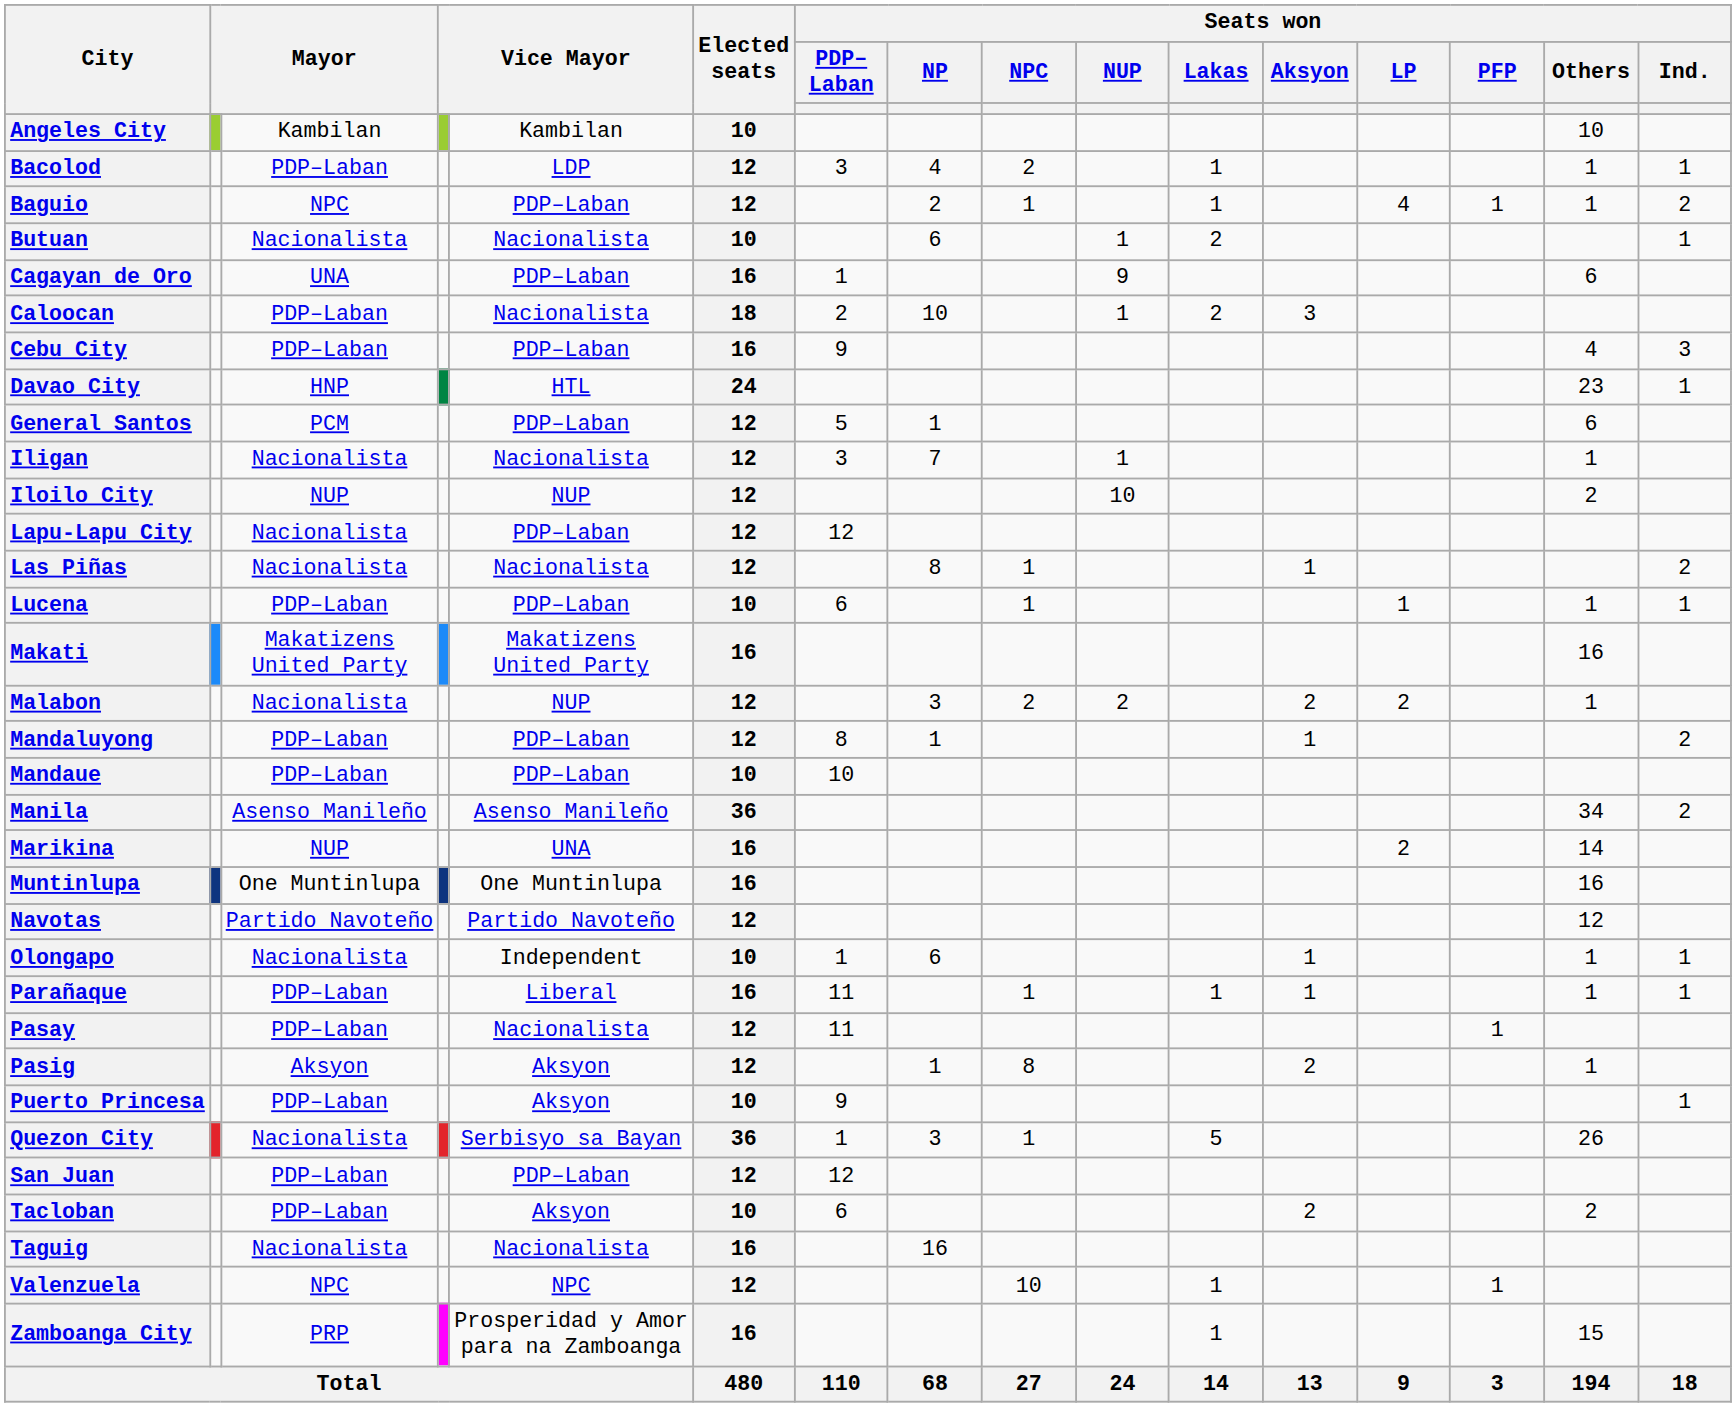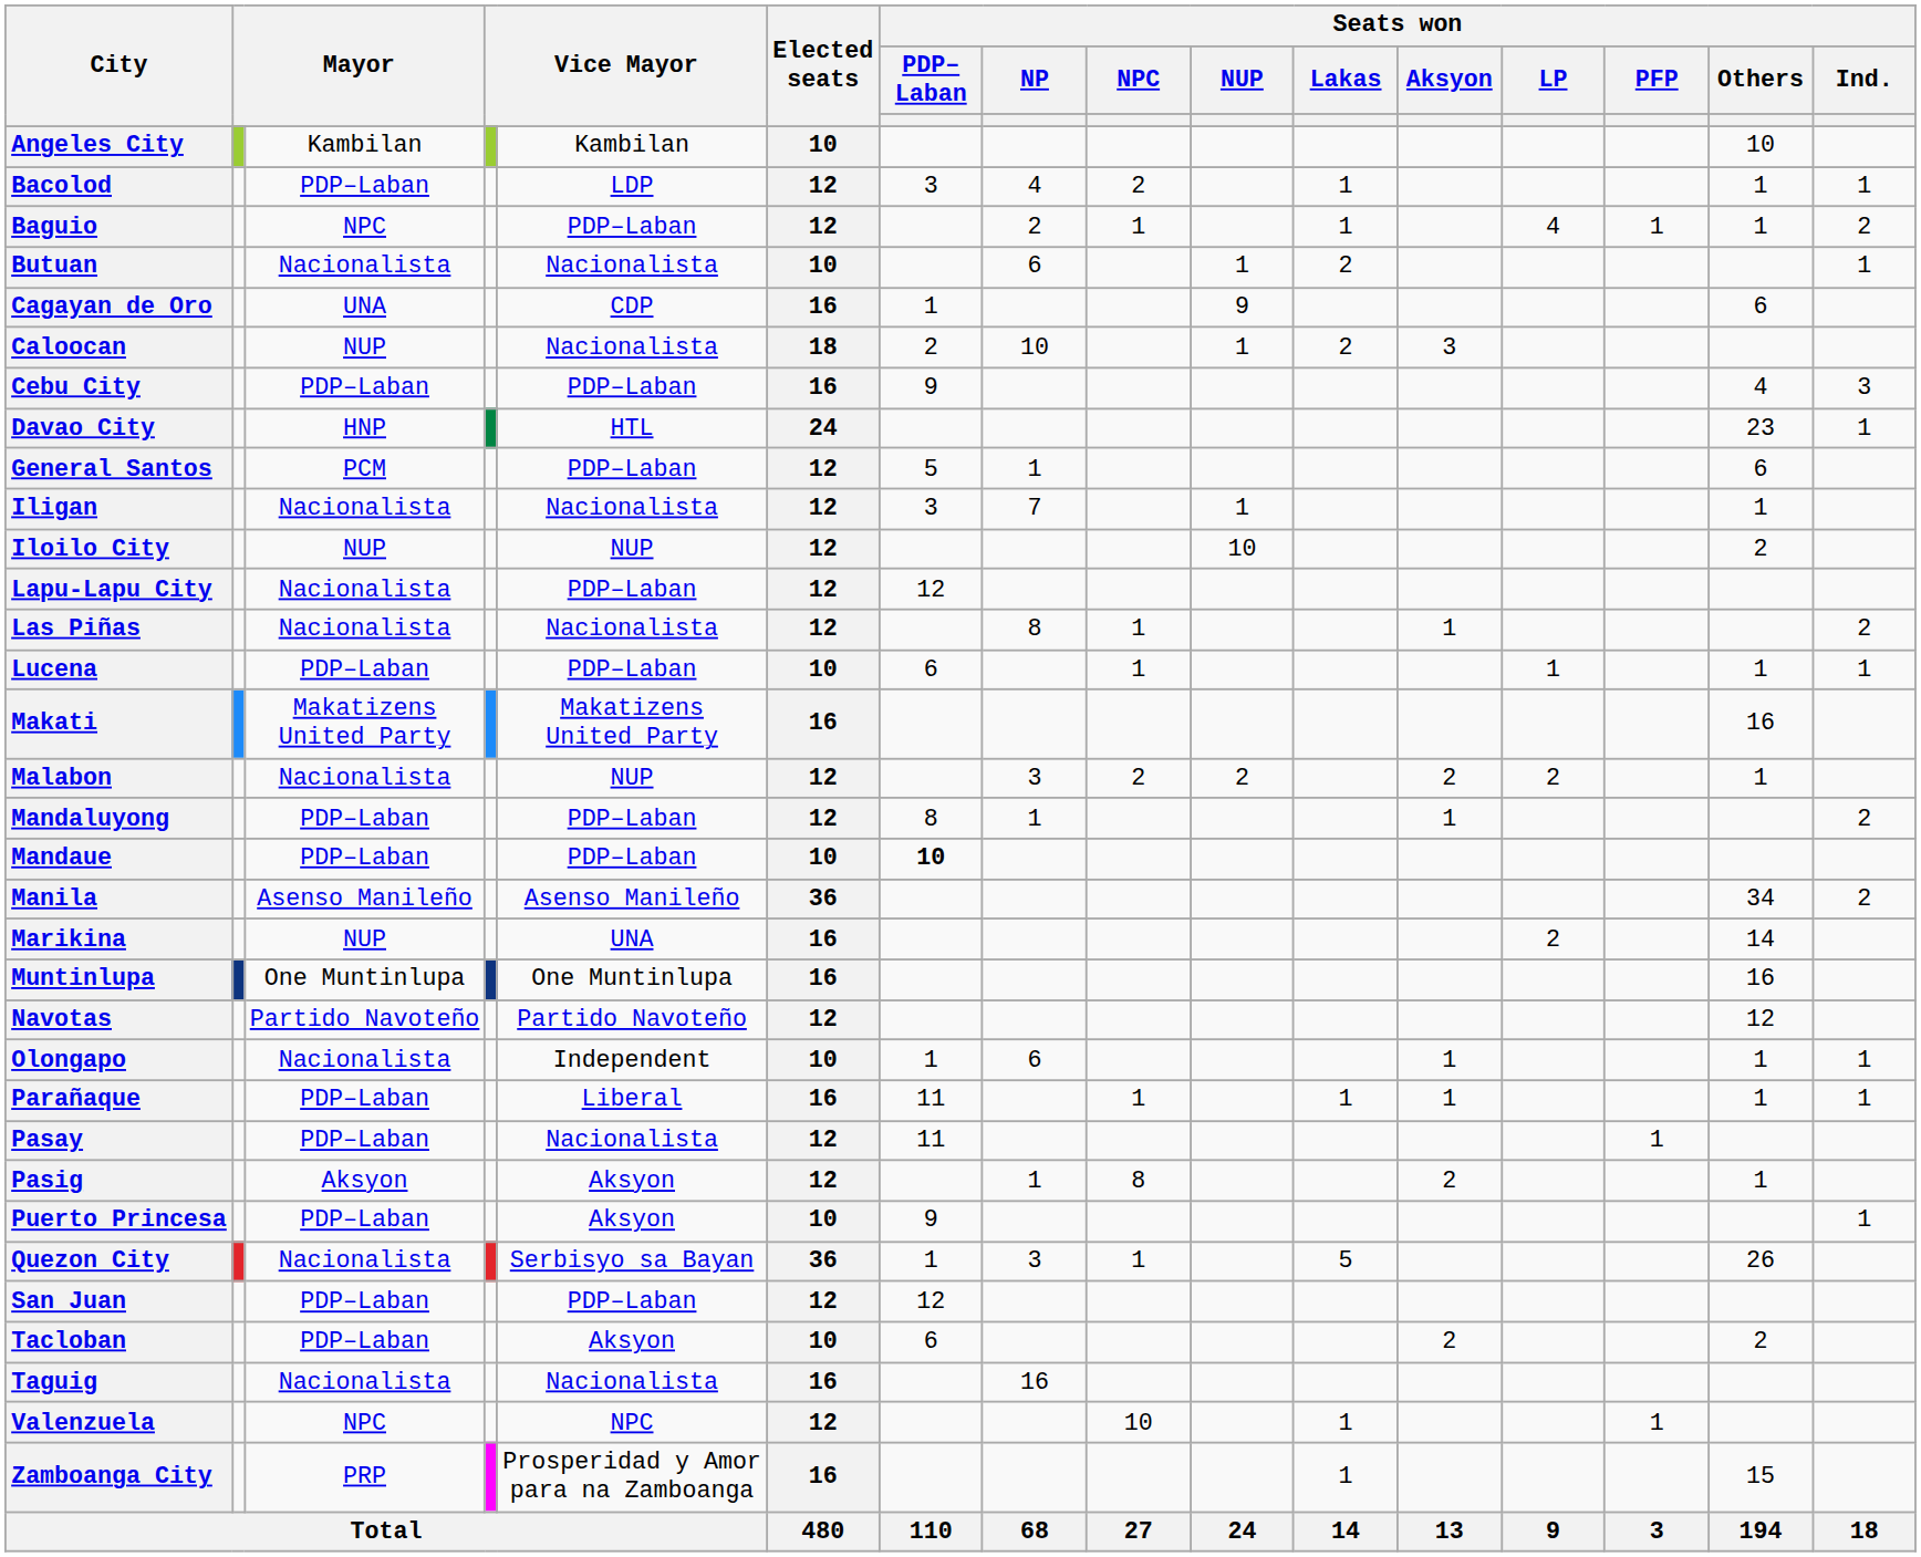 <table class="wikitable" style="text-align:center; font-size: 0.9em;">
 <tr>
 <th rowspan="3">City</th>
 <th colspan="2" rowspan="3" style="width:60px;">Mayor</th>
 <th colspan="2" rowspan="3" style="width:60px;">Vice Mayor</th>
 <th rowspan="3">Elected<br>seats</th>
 <th colspan="10">Seats won</th>
 </tr>
 <tr>
 <th class="unsortable" style="width:45px;"><a href='#'>PDP–Laban</a></th>
 <th class="unsortable" style="width:45px;"><a href='#'>NP</a></th>
 <th class="unsortable" style="width:45px;"><a href='#'>NPC</a></th>
 <th class="unsortable" style="width:45px;"><a href='#'>NUP</a></th>
 <th class="unsortable" style="width:45px;"><a href='#'>Lakas</a></th>
 <th class="unsortable" style="width:45px;"><a href='#'>Aksyon</a></th>
 <th class="unsortable" style="width:45px;"><a href='#'>LP</a></th>
 <th class="unsortable" style="width:45px;"><a href='#'>PFP</a></th>
 <th class="unsortable" style="width:45px;">Others</th>
 <th class="unsortable" style="width:45px;">Ind.</th>
 </tr>
 <tr>
 <th style="color:inherit;background:"></th>
 <th style="color:inherit;background:"></th>
 <th style="color:inherit;background:"></th>
 <th style="color:inherit;background:"></th>
 <th style="color:inherit;background:"></th>
 <th style="color:inherit;background:"></th>
 <th style="color:inherit;background:"></th>
 <th style="color:inherit;background:"></th>
 <th></th>
 <th style="color:inherit;background:"></th>
 </tr>
 <tr>
 <th style="text-align: left;"><a href='#'>Angeles City</a></th>
 <td bgcolor="yellowgreen"></td>
 <td>Kambilan</td>
 <td bgcolor="yellowgreen"></td>
 <td>Kambilan</td>
 <th>10</th>
 <td></td>
 <td></td>
 <td></td>
 <td></td>
 <td></td>
 <td></td>
 <td></td>
 <td></td>
 <td>10<em></em></td>
 <td></td>
 </tr>
 <tr>
 <th style="text-align: left;"><a href='#'>Bacolod</a></th>
 <td style="color:inherit;background:"></td>
 <td><a href='#'>PDP–Laban</a></td>
 <td style="color:inherit;background:"></td>
 <td><a href='#'>LDP</a></td>
 <th>12</th>
 <td>3</td>
 <td>4</td>
 <td>2</td>
 <td></td>
 <td>1</td>
 <td></td>
 <td></td>
 <td></td>
 <td>1<em></em></td>
 <td>1</td>
 </tr>
 <tr>
 <th style="text-align: left;"><a href='#'>Baguio</a></th>
 <td style="color:inherit;background:"></td>
 <td><a href='#'>NPC</a></td>
 <td style="color:inherit;background:"></td>
 <td><a href='#'>PDP–Laban</a></td>
 <th>12</th>
 <td></td>
 <td>2</td>
 <td>1</td>
 <td></td>
 <td>1</td>
 <td></td>
 <td>4</td>
 <td>1</td>
 <td>1<em></em></td>
 <td>2</td>
 </tr>
 <tr>
 <th style="text-align: left;"><a href='#'>Butuan</a></th>
 <td style="color:inherit;background:"></td>
 <td><a href='#'>Nacionalista</a></td>
 <td style="color:inherit;background:"></td>
 <td><a href='#'>Nacionalista</a></td>
 <th>10</th>
 <td></td>
 <td>6</td>
 <td></td>
 <td>1</td>
 <td>2</td>
 <td></td>
 <td></td>
 <td></td>
 <td></td>
 <td>1</td>
 </tr>
 <tr>
 <th style="text-align: left;"><a href='#'>Cagayan de Oro</a></th>
 <td style="color:inherit;background:"></td>
 <td><a href='#'>UNA</a></td>
 <td style="color:inherit;background:"></td>
-<td><a href='#'>PDP–Laban</a></td>
+<td><a href='#'>CDP</a></td>
 <th>16</th>
 <td>1</td>
 <td></td>
 <td></td>
 <td>9</td>
 <td></td>
 <td></td>
 <td></td>
 <td></td>
 <td>6<em></em></td>
 <td></td>
 </tr>
 <tr>
 <th style="text-align: left;"><a href='#'>Caloocan</a></th>
 <td style="color:inherit;background:"></td>
-<td><a href='#'>PDP–Laban</a></td>
+<td><a href='#'>NUP</a></td>
 <td style="color:inherit;background:"></td>
 <td><a href='#'>Nacionalista</a></td>
 <th>18</th>
 <td>2</td>
 <td>10</td>
 <td></td>
 <td>1</td>
 <td>2</td>
 <td>3</td>
 <td></td>
 <td></td>
 <td></td>
 <td></td>
 </tr>
 <tr>
 <th style="text-align: left;"><a href='#'>Cebu City</a></th>
 <td style="color:inherit;background:"></td>
 <td><a href='#'>PDP–Laban</a></td>
 <td style="color:inherit;background:"></td>
 <td><a href='#'>PDP–Laban</a></td>
 <th>16</th>
 <td>9</td>
 <td></td>
 <td></td>
 <td></td>
 <td></td>
 <td></td>
 <td></td>
 <td></td>
 <td>4<em></em></td>
 <td>3</td>
 </tr>
 <tr>
 <th style="text-align: left;"><a href='#'>Davao City</a></th>
 <td style="color:inherit;background:"></td>
 <td><a href='#'>HNP</a></td>
 <td style="color:inherit;background:#008543"></td>
 <td><a href='#'>HTL</a></td>
 <th>24</th>
 <td></td>
 <td></td>
 <td></td>
 <td></td>
 <td></td>
 <td></td>
 <td></td>
 <td></td>
 <td>23<em></em></td>
 <td>1</td>
 </tr>
 <tr>
 <th style="text-align: left;"><a href='#'>General Santos</a></th>
 <td style="color:inherit;background:"></td>
 <td><a href='#'>PCM</a></td>
 <td style="color:inherit;background:"></td>
 <td><a href='#'>PDP–Laban</a></td>
 <th>12</th>
 <td>5</td>
 <td>1</td>
 <td></td>
 <td></td>
 <td></td>
 <td></td>
 <td></td>
 <td></td>
 <td>6<em></em></td>
 <td></td>
 </tr>
 <tr>
 <th style="text-align: left;"><a href='#'>Iligan</a></th>
 <td style="color:inherit;background:"></td>
 <td><a href='#'>Nacionalista</a></td>
 <td style="color:inherit;background:"></td>
 <td><a href='#'>Nacionalista</a></td>
 <th>12</th>
 <td>3</td>
 <td>7</td>
 <td></td>
 <td>1</td>
 <td></td>
 <td></td>
 <td></td>
 <td></td>
 <td>1<em></em></td>
 <td></td>
 </tr>
 <tr>
 <th style="text-align: left;"><a href='#'>Iloilo City</a></th>
 <td style="color:inherit;background:"></td>
 <td><a href='#'>NUP</a></td>
 <td style="color:inherit;background:"></td>
 <td><a href='#'>NUP</a></td>
 <th>12</th>
 <td></td>
 <td></td>
 <td></td>
 <td>10</td>
 <td></td>
 <td></td>
 <td></td>
 <td></td>
 <td>2<em></em></td>
 <td></td>
 </tr>
 <tr>
 <th style="text-align: left;"><a href='#'>Lapu-Lapu City</a></th>
 <td style="color:inherit;background:"></td>
 <td><a href='#'>Nacionalista</a></td>
 <td style="color:inherit;background:"></td>
 <td><a href='#'>PDP–Laban</a></td>
 <th>12</th>
 <td>12</td>
 <td></td>
 <td></td>
 <td></td>
 <td></td>
 <td></td>
 <td></td>
 <td></td>
 <td></td>
 <td></td>
 </tr>
 <tr>
 <th style="text-align: left;"><a href='#'>Las Piñas</a></th>
 <td style="color:inherit;background:"></td>
 <td><a href='#'>Nacionalista</a></td>
 <td style="color:inherit;background:"></td>
 <td><a href='#'>Nacionalista</a></td>
 <th>12</th>
 <td></td>
 <td>8</td>
 <td>1</td>
 <td></td>
 <td></td>
 <td>1</td>
 <td></td>
 <td></td>
 <td></td>
 <td>2</td>
 </tr>
 <tr>
 <th style="text-align: left;"><a href='#'>Lucena</a></th>
 <td style="color:inherit;background:"></td>
 <td><a href='#'>PDP–Laban</a></td>
 <td style="color:inherit;background:"></td>
 <td><a href='#'>PDP–Laban</a></td>
 <th>10</th>
 <td>6</td>
 <td></td>
 <td>1</td>
 <td></td>
 <td></td>
 <td></td>
 <td>1</td>
 <td></td>
 <td>1<em></em></td>
 <td>1</td>
 </tr>
 <tr>
 <th style="text-align: left;"><a href='#'>Makati</a></th>
 <td style="color:inherit;background:#1c8af9"></td>
 <td><a href='#'>Makatizens<br>United Party</a></td>
 <td style="color:inherit;background:#1c8af9"></td>
 <td><a href='#'>Makatizens<br>United Party</a></td>
 <th>16</th>
 <td></td>
 <td></td>
 <td></td>
 <td></td>
 <td></td>
 <td></td>
 <td></td>
 <td></td>
 <td>16<em></em></td>
 <td></td>
 </tr>
 <tr>
 <th style="text-align: left;"><a href='#'>Malabon</a></th>
 <td style="color:inherit;background:"></td>
 <td><a href='#'>Nacionalista</a></td>
 <td style="color:inherit;background:"></td>
 <td><a href='#'>NUP</a></td>
 <th>12</th>
 <td></td>
 <td>3</td>
 <td>2</td>
 <td>2</td>
 <td></td>
 <td>2</td>
 <td>2</td>
 <td></td>
 <td>1<em></em></td>
 <td></td>
 </tr>
 <tr>
 <th style="text-align: left;"><a href='#'>Mandaluyong</a></th>
 <td style="color:inherit;background:"></td>
 <td><a href='#'>PDP–Laban</a></td>
 <td style="color:inherit;background:"></td>
 <td><a href='#'>PDP–Laban</a></td>
 <th>12</th>
 <td>8</td>
 <td>1</td>
 <td></td>
 <td></td>
 <td></td>
 <td>1</td>
 <td></td>
 <td></td>
 <td></td>
 <td>2</td>
 </tr>
 <tr>
 <th style="text-align: left;"><a href='#'>Mandaue</a></th>
 <td style="color:inherit;background:"></td>
 <td><a href='#'>PDP–Laban</a></td>
 <td style="color:inherit;background:"></td>
 <td><a href='#'>PDP–Laban</a></td>
 <th>10</th>
-<td>10</td>
+<td><strong>10</strong></td>
 <td></td>
 <td></td>
 <td></td>
 <td></td>
 <td></td>
 <td></td>
 <td></td>
 <td></td>
 <td></td>
 </tr>
 <tr>
 <th style="text-align: left;"><a href='#'>Manila</a></th>
 <td style="color:inherit;background:"></td>
 <td><a href='#'>Asenso Manileño</a></td>
 <td style="color:inherit;background:"></td>
 <td><a href='#'>Asenso Manileño</a></td>
 <th>36</th>
 <td></td>
 <td></td>
 <td></td>
 <td></td>
 <td></td>
 <td></td>
 <td></td>
 <td></td>
 <td>34<em></em></td>
 <td>2</td>
 </tr>
 <tr>
 <th style="text-align: left;"><a href='#'>Marikina</a></th>
 <td style="color:inherit;background:"></td>
 <td><a href='#'>NUP</a></td>
 <td style="color:inherit;background:"></td>
 <td><a href='#'>UNA</a></td>
 <th>16</th>
 <td></td>
 <td></td>
 <td></td>
 <td></td>
 <td></td>
 <td></td>
 <td>2</td>
 <td></td>
 <td>14<em></em></td>
 <td></td>
 </tr>
 <tr>
 <th style="text-align: left;"><a href='#'>Muntinlupa</a></th>
 <td style="color:inherit;background:#0e347f"></td>
 <td>One Muntinlupa</td>
 <td style="color:inherit;background:#0e347f"></td>
 <td>One Muntinlupa</td>
 <th>16</th>
 <td></td>
 <td></td>
 <td></td>
 <td></td>
 <td></td>
 <td></td>
 <td></td>
 <td></td>
 <td>16<em></em></td>
 <td></td>
 </tr>
 <tr>
 <th style="text-align: left;"><a href='#'>Navotas</a></th>
 <td style="color:inherit;background:"></td>
 <td><a href='#'>Partido Navoteño</a></td>
 <td style="color:inherit;background:"></td>
 <td><a href='#'>Partido Navoteño</a></td>
 <th>12</th>
 <td></td>
 <td></td>
 <td></td>
 <td></td>
 <td></td>
 <td></td>
 <td></td>
 <td></td>
 <td>12<em></em></td>
 <td></td>
 </tr>
 <tr>
 <th style="text-align: left;"><a href='#'>Olongapo</a></th>
 <td style="color:inherit;background:"></td>
 <td><a href='#'>Nacionalista</a></td>
 <td style="color:inherit;background:"></td>
 <td>Independent</td>
 <th>10</th>
 <td>1</td>
 <td>6</td>
 <td></td>
 <td></td>
 <td></td>
 <td>1</td>
 <td></td>
 <td></td>
 <td>1<em></em></td>
 <td>1</td>
 </tr>
 <tr>
 <th style="text-align: left;"><a href='#'>Parañaque</a></th>
 <td style="color:inherit;background:"></td>
 <td><a href='#'>PDP–Laban</a></td>
 <td style="color:inherit;background:"></td>
 <td><a href='#'>Liberal</a></td>
 <th>16</th>
 <td>11</td>
 <td></td>
 <td>1</td>
 <td></td>
 <td>1</td>
 <td>1</td>
 <td></td>
 <td></td>
 <td>1<em></em></td>
 <td>1</td>
 </tr>
 <tr>
 <th style="text-align: left;"><a href='#'>Pasay</a></th>
 <td style="color:inherit;background:"></td>
 <td><a href='#'>PDP–Laban</a></td>
 <td style="color:inherit;background:"></td>
 <td><a href='#'>Nacionalista</a></td>
 <th>12</th>
 <td>11</td>
 <td></td>
 <td></td>
 <td></td>
 <td></td>
 <td></td>
 <td></td>
 <td>1</td>
 <td></td>
 <td></td>
 </tr>
 <tr>
 <th style="text-align: left;"><a href='#'>Pasig</a></th>
 <td style="color:inherit;background:"></td>
 <td><a href='#'>Aksyon</a></td>
 <td style="color:inherit;background:"></td>
 <td><a href='#'>Aksyon</a></td>
 <th>12</th>
 <td></td>
 <td>1</td>
 <td>8</td>
 <td></td>
 <td></td>
 <td>2</td>
 <td></td>
 <td></td>
 <td>1<em></em></td>
 <td></td>
 </tr>
 <tr>
 <th style="text-align: left;"><a href='#'>Puerto Princesa</a></th>
 <td style="color:inherit;background:"></td>
 <td><a href='#'>PDP–Laban</a></td>
 <td style="color:inherit;background:"></td>
 <td><a href='#'>Aksyon</a></td>
 <th>10</th>
 <td>9</td>
 <td></td>
 <td></td>
 <td></td>
 <td></td>
 <td></td>
 <td></td>
 <td></td>
 <td></td>
 <td>1</td>
 </tr>
 <tr>
 <th style="text-align: left;"><a href='#'>Quezon City</a></th>
 <td style="color:inherit;background:#E3242B"></td>
 <td><a href='#'>Nacionalista</a></td>
 <td style="color:inherit; background:#E3242B"></td>
 <td><a href='#'>Serbisyo sa Bayan</a></td>
 <th>36</th>
 <td>1</td>
 <td>3</td>
 <td>1</td>
 <td></td>
 <td>5</td>
 <td></td>
 <td></td>
 <td></td>
 <td>26<em></em></td>
 <td></td>
 </tr>
 <tr>
 <th style="text-align: left;"><a href='#'>San Juan</a></th>
 <td style="color:inherit;background:"></td>
 <td><a href='#'>PDP–Laban</a></td>
 <td style="color:inherit;background:"></td>
 <td><a href='#'>PDP–Laban</a></td>
 <th>12</th>
 <td>12</td>
 <td></td>
 <td></td>
 <td></td>
 <td></td>
 <td></td>
 <td></td>
 <td></td>
 <td></td>
 <td></td>
 </tr>
 <tr>
 <th style="text-align: left;"><a href='#'>Tacloban</a></th>
 <td style="color:inherit;background:"></td>
 <td><a href='#'>PDP–Laban</a></td>
 <td style="color:inherit;background:"></td>
 <td><a href='#'>Aksyon</a></td>
 <th>10</th>
 <td>6</td>
 <td></td>
 <td></td>
 <td></td>
 <td></td>
 <td>2</td>
 <td></td>
 <td></td>
 <td>2<em></em></td>
 <td></td>
 </tr>
 <tr>
 <th style="text-align: left;"><a href='#'>Taguig</a></th>
 <td style="color:inherit;background:"></td>
 <td><a href='#'>Nacionalista</a></td>
 <td style="color:inherit;background:"></td>
 <td><a href='#'>Nacionalista</a></td>
 <th>16</th>
 <td></td>
 <td>16</td>
 <td></td>
 <td></td>
 <td></td>
 <td></td>
 <td></td>
 <td></td>
 <td></td>
 <td></td>
 </tr>
 <tr>
 <th style="text-align: left;"><a href='#'>Valenzuela</a></th>
 <td style="color:inherit;background:"></td>
 <td><a href='#'>NPC</a></td>
 <td style="color:inherit;background:"></td>
 <td><a href='#'>NPC</a></td>
 <th>12</th>
 <td></td>
 <td></td>
 <td>10</td>
 <td></td>
 <td>1</td>
 <td></td>
 <td></td>
 <td>1</td>
 <td></td>
 <td></td>
 </tr>
 <tr>
 <th style="text-align: left;"><a href='#'>Zamboanga City</a></th>
 <td style="color:inherit;background:"></td>
 <td><a href='#'>PRP</a></td>
 <td bgcolor=magenta></td>
 <td>Prosperidad y Amor<br>para na Zamboanga</td>
 <th>16</th>
 <td></td>
 <td></td>
 <td></td>
 <td></td>
 <td>1</td>
 <td></td>
 <td></td>
 <td></td>
 <td>15<em></em></td>
 <td></td>
 </tr>
 <tr>
 <th colspan="5">Total</th>
 <th>480</th>
 <th>110</th>
 <th>68</th>
 <th>27</th>
 <th>24</th>
 <th>14</th>
 <th>13</th>
 <th>9</th>
 <th>3</th>
 <th>194</th>
 <th>18</th>
 </tr>
 </table>
